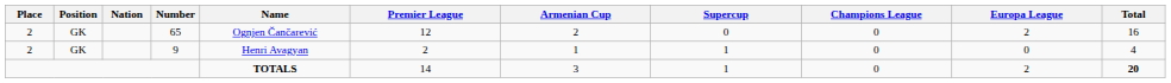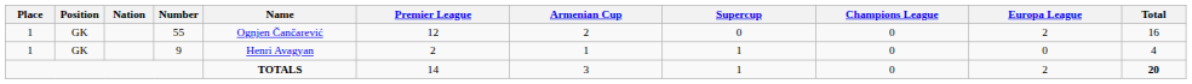 <table class="wikitable" style="font-size: 95%; text-align: center;">
 <tr>
 <th width=60>Place</th>
 <th width=60>Position</th>
 <th width=60>Nation</th>
 <th width=60>Number</th>
 <th width=200>Name</th>
 <th width=200><a href='#'>Premier League</a></th>
 <th width=200><a href='#'>Armenian Cup</a></th>
 <th width=200><a href='#'>Supercup</a></th>
 <th width=200><a href='#'>Champions League</a></th>
 <th width=200><a href='#'>Europa League</a></th>
 <th width=80><strong>Total</strong></th>
 </tr>
 <tr>
-<td>2</td>
+<td>1</td>
 <td>GK</td>
 <td></td>
-<td>65</td>
+<td>55</td>
 <td><a href='#'>Ognjen Čančarević</a></td>
 <td>12</td>
 <td>2</td>
 <td>0</td>
 <td>0</td>
 <td>2</td>
 <td>16</td>
 </tr>
 <tr>
-<td>2</td>
+<td>1</td>
 <td>GK</td>
 <td></td>
 <td>9</td>
 <td><a href='#'>Henri Avagyan</a></td>
 <td>2</td>
 <td>1</td>
 <td>1</td>
 <td>0</td>
 <td>0</td>
 <td>4</td>
 </tr>
 <tr>
 <td colspan="4"></td>
 <td><strong>TOTALS</strong></td>
 <td>14</td>
 <td>3</td>
 <td>1</td>
 <td>0</td>
 <td>2</td>
 <td><strong>20</strong></td>
 </tr>
 </table>
